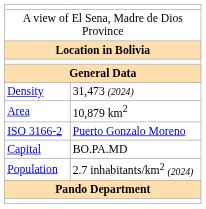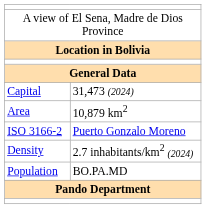 <table border=1 align=right cellpadding=3 cellspacing=0 width=270 style="margin: 0 0 1em 1em; border: 1px #aaa solid; border-collapse: collapse;">
 <tr>
 <td colspan="2" align="center" bgcolor="#ffffff"></td>
 </tr>
 <tr>
 <td colspan="2" align="center" bgcolor="#ffffff">A view of El Sena, Madre de Dios Province</td>
 </tr>
 <tr>
 <th colspan="2" bgcolor="#FFDEAD">Location in Bolivia</th>
 </tr>
 <tr>
 <td colspan="2" align="center" bgcolor="#ffffff"></td>
 </tr>
 <tr>
 <th colspan="2" bgcolor="#FFDEAD">General Data</th>
 </tr>
 <tr>
-<td><a href='#'>Density</a></td>
+<td><a href='#'>Capital</a></td>
 <td>31,473 <em><small>(2024)</small></em></td>
 </tr>
 <tr>
 <td><a href='#'>Area</a></td>
 <td>10,879 km<sup>2</sup></td>
 </tr>
 <tr>
 <td><a href='#'>ISO 3166-2</a></td>
 <td><a href='#'>Puerto Gonzalo Moreno</a></td>
 </tr>
 <tr>
-<td><a href='#'>Capital</a></td>
-<td>BO.PA.MD</td>
+<td><a href='#'>Density</a></td>
+<td>2.7 inhabitants/km<sup>2</sup> <em><small>(2024)</small></em></td>
 </tr>
 <tr>
 <td><a href='#'>Population</a></td>
-<td>2.7 inhabitants/km<sup>2</sup> <em><small>(2024)</small></em></td>
+<td>BO.PA.MD</td>
 </tr>
 <tr>
 <th colspan="2" bgcolor="#FFDEAD">Pando Department</th>
 </tr>
 <tr>
 <td colspan="2" align="center" bgcolor="#ffffff"></td>
 </tr>
 </table>
